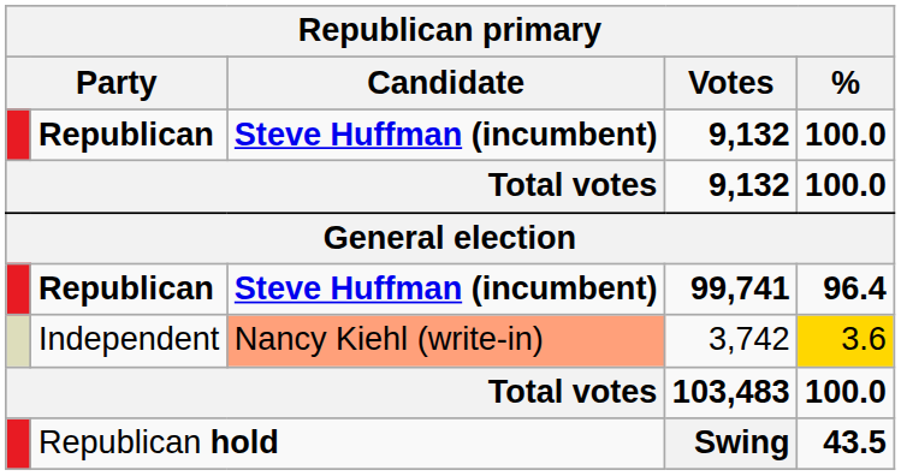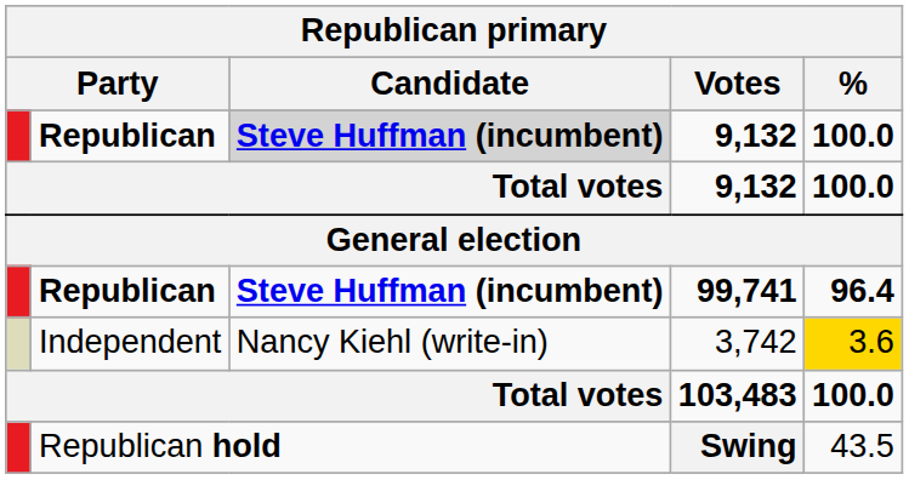 <table class="wikitable">
 <tr>
 <th colspan=5>Republican primary</th>
 </tr>
 <tr>
 <th colspan=2>Party</th>
 <th>Candidate</th>
 <th>Votes</th>
 <th>%</th>
 </tr>
 <tr>
 <td style="width:5px; background:#E81B23"></td>
 <td><strong>Republican</strong></td>
-<td><strong><a href='#'>Steve Huffman</a> (incumbent)</strong></td>
+<td style="background: lightgrey;"><strong><a href='#'>Steve Huffman</a> (incumbent)</strong></td>
 <td style="text-align:right;margin-right:0.5em"><strong>9,132</strong></td>
 <td style="text-align:right;margin-right:0.5em"><strong>100.0</strong></td>
 </tr>
 <tr>
 <th colspan=3; style="text-align:right; border-bottom:solid 1px black">Total votes</th>
 <td style="border-bottom:solid 1px black;text-align:right;margin-right:0.5em"><strong>9,132</strong></td>
 <td style="border-bottom:solid 1px black;text-align:right;margin-right:0.5em"><strong>100.0</strong></td>
 </tr>
 <tr>
 <th colspan=5>General election</th>
 </tr>
 <tr>
 <td style="width:5px; background:#E81B23"></td>
 <td><strong>Republican</strong></td>
 <td><strong><a href='#'>Steve Huffman</a> (incumbent)</strong></td>
 <td style="text-align:right;margin-right:0.5em"><strong>99,741</strong></td>
 <td style="text-align:right;margin-right:0.5em"><strong>96.4</strong></td>
 </tr>
 <tr>
 <td style="width:5px; background:#DDDDBB"></td>
 <td>Independent</td>
-<td style="background: lightsalmon;">Nancy Kiehl (write-in)</td>
+<td>Nancy Kiehl (write-in)</td>
 <td style="text-align:right;margin-right:0.5em">3,742</td>
 <td style="background: gold; text-align:right;margin-right:0.5em">3.6</td>
 </tr>
 <tr>
 <th colspan=3; style="text-align:right">Total votes</th>
 <td style="text-align:right;margin-right:0.5em"><strong>103,483</strong></td>
 <td style="text-align:right;margin-right:0.5em"><strong>100.0</strong></td>
 </tr>
 <tr>
 <td style="width:5px; background:#E81B23"></td>
 <td colspan=2>Republican <strong>hold</strong></td>
 <th style="text-align:right;margin-right:0.5em">Swing</th>
-<td style="text-align:right;margin-right:0.5em"><strong>43.5</strong></td>
+<td style="text-align:right;margin-right:0.5em">43.5</td>
 </tr>
 </table>
